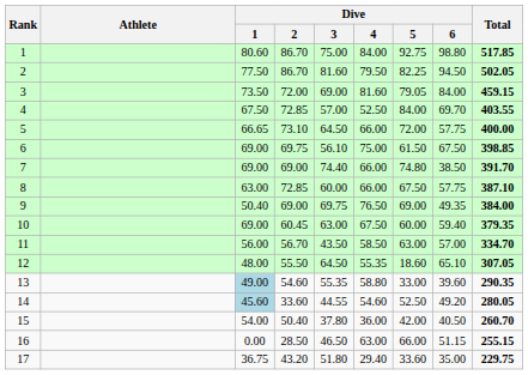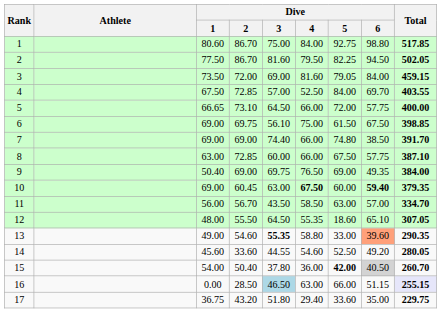 <table class=wikitable style="text-align:center">
 <tr>
 <th rowspan="2" width=40>Rank</th>
 <th rowspan="2" width=250>Athlete</th>
 <th colspan="6">Dive</th>
 <th rowspan="2" width=60>Total</th>
 </tr>
 <tr>
 <th width=45>1</th>
 <th width=45>2</th>
 <th width=45>3</th>
 <th width=45>4</th>
 <th width=45>5</th>
 <th width=45>6</th>
 </tr>
 <tr bgcolor="ccffcc">
 <td>1</td>
 <td align=left></td>
 <td>80.60</td>
 <td>86.70</td>
 <td>75.00</td>
 <td>84.00</td>
 <td>92.75</td>
 <td>98.80</td>
 <td><strong>517.85</strong></td>
 </tr>
 <tr bgcolor="ccffcc">
 <td>2</td>
 <td align=left></td>
 <td>77.50</td>
 <td>86.70</td>
 <td>81.60</td>
 <td>79.50</td>
 <td>82.25</td>
 <td>94.50</td>
 <td><strong>502.05</strong></td>
 </tr>
 <tr bgcolor="ccffcc">
 <td>3</td>
 <td align=left></td>
 <td>73.50</td>
 <td>72.00</td>
 <td>69.00</td>
 <td>81.60</td>
 <td>79.05</td>
 <td>84.00</td>
 <td><strong>459.15</strong></td>
 </tr>
 <tr bgcolor="ccffcc">
 <td>4</td>
 <td align=left></td>
 <td>67.50</td>
 <td>72.85</td>
 <td>57.00</td>
 <td>52.50</td>
 <td>84.00</td>
 <td>69.70</td>
 <td><strong>403.55</strong></td>
 </tr>
 <tr bgcolor="ccffcc">
 <td>5</td>
 <td align=left></td>
 <td>66.65</td>
 <td>73.10</td>
 <td>64.50</td>
 <td>66.00</td>
 <td>72.00</td>
 <td>57.75</td>
 <td><strong>400.00</strong></td>
 </tr>
 <tr bgcolor="ccffcc">
 <td>6</td>
 <td align=left></td>
 <td>69.00</td>
 <td>69.75</td>
 <td>56.10</td>
 <td>75.00</td>
 <td>61.50</td>
 <td>67.50</td>
 <td><strong>398.85</strong></td>
 </tr>
 <tr bgcolor="ccffcc">
 <td>7</td>
 <td align=left></td>
 <td>69.00</td>
 <td>69.00</td>
 <td>74.40</td>
 <td>66.00</td>
 <td>74.80</td>
 <td>38.50</td>
 <td><strong>391.70</strong></td>
 </tr>
 <tr bgcolor="ccffcc">
 <td>8</td>
 <td align=left></td>
 <td>63.00</td>
 <td>72.85</td>
 <td>60.00</td>
 <td>66.00</td>
 <td>67.50</td>
 <td>57.75</td>
 <td><strong>387.10</strong></td>
 </tr>
 <tr bgcolor="ccffcc">
 <td>9</td>
 <td align=left></td>
 <td>50.40</td>
 <td>69.00</td>
 <td>69.75</td>
 <td>76.50</td>
 <td>69.00</td>
 <td>49.35</td>
 <td><strong>384.00</strong></td>
 </tr>
 <tr bgcolor="ccffcc">
 <td>10</td>
 <td align=left></td>
 <td>69.00</td>
 <td>60.45</td>
 <td>63.00</td>
-<td>67.50</td>
+<td><strong>67.50</strong></td>
 <td>60.00</td>
-<td>59.40</td>
+<td><strong>59.40</strong></td>
 <td><strong>379.35</strong></td>
 </tr>
 <tr bgcolor="ccffcc">
 <td>11</td>
 <td align=left></td>
 <td>56.00</td>
 <td>56.70</td>
 <td>43.50</td>
 <td>58.50</td>
 <td>63.00</td>
 <td>57.00</td>
 <td><strong>334.70</strong></td>
 </tr>
 <tr bgcolor="ccffcc">
 <td>12</td>
 <td align=left></td>
 <td>48.00</td>
 <td>55.50</td>
 <td>64.50</td>
 <td>55.35</td>
 <td>18.60</td>
 <td>65.10</td>
 <td><strong>307.05</strong></td>
 </tr>
 <tr>
 <td>13</td>
 <td align=left></td>
-<td style="background: lightblue;">49.00</td>
+<td>49.00</td>
 <td>54.60</td>
-<td>55.35</td>
+<td><strong>55.35</strong></td>
 <td>58.80</td>
 <td>33.00</td>
-<td>39.60</td>
+<td style="background: lightsalmon;">39.60</td>
 <td><strong>290.35</strong></td>
 </tr>
 <tr>
 <td>14</td>
 <td align=left></td>
-<td style="background: lightblue;">45.60</td>
+<td>45.60</td>
 <td>33.60</td>
 <td>44.55</td>
 <td>54.60</td>
 <td>52.50</td>
 <td>49.20</td>
 <td><strong>280.05</strong></td>
 </tr>
 <tr>
 <td>15</td>
 <td align=left></td>
 <td>54.00</td>
 <td>50.40</td>
 <td>37.80</td>
 <td>36.00</td>
-<td>42.00</td>
-<td>40.50</td>
+<td><strong>42.00</strong></td>
+<td style="background: lightgrey;">40.50</td>
 <td><strong>260.70</strong></td>
 </tr>
 <tr>
 <td>16</td>
 <td align=left></td>
 <td>0.00</td>
 <td>28.50</td>
-<td>46.50</td>
+<td style="background: lightblue;">46.50</td>
 <td>63.00</td>
 <td>66.00</td>
 <td>51.15</td>
-<td><strong>255.15</strong></td>
+<td style="background: lavender;"><strong>255.15</strong></td>
 </tr>
 <tr>
 <td>17</td>
 <td align=left></td>
 <td>36.75</td>
 <td>43.20</td>
 <td>51.80</td>
 <td>29.40</td>
 <td>33.60</td>
 <td>35.00</td>
 <td><strong>229.75</strong></td>
 </tr>
 </table>
